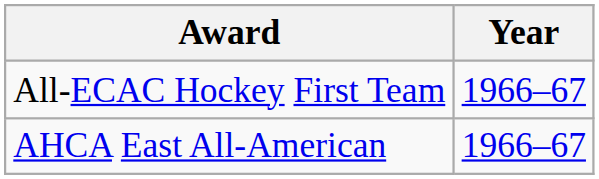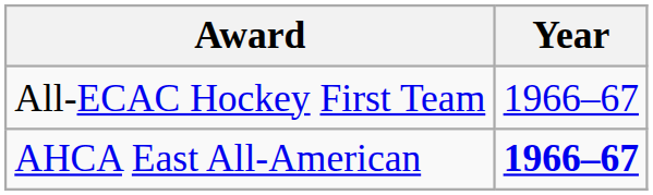 <table class="wikitable">
 <tr>
 <th>Award</th>
 <th>Year</th>
 </tr>
 <tr>
 <td>All-<a href='#'>ECAC Hockey</a> <a href='#'>First Team</a></td>
 <td><a href='#'>1966–67</a></td>
 </tr>
 <tr>
 <td><a href='#'>AHCA</a> <a href='#'>East All-American</a></td>
-<td><a href='#'>1966–67</a></td>
+<td><strong><a href='#'>1966–67</a></strong></td>
 </tr>
 </table>
